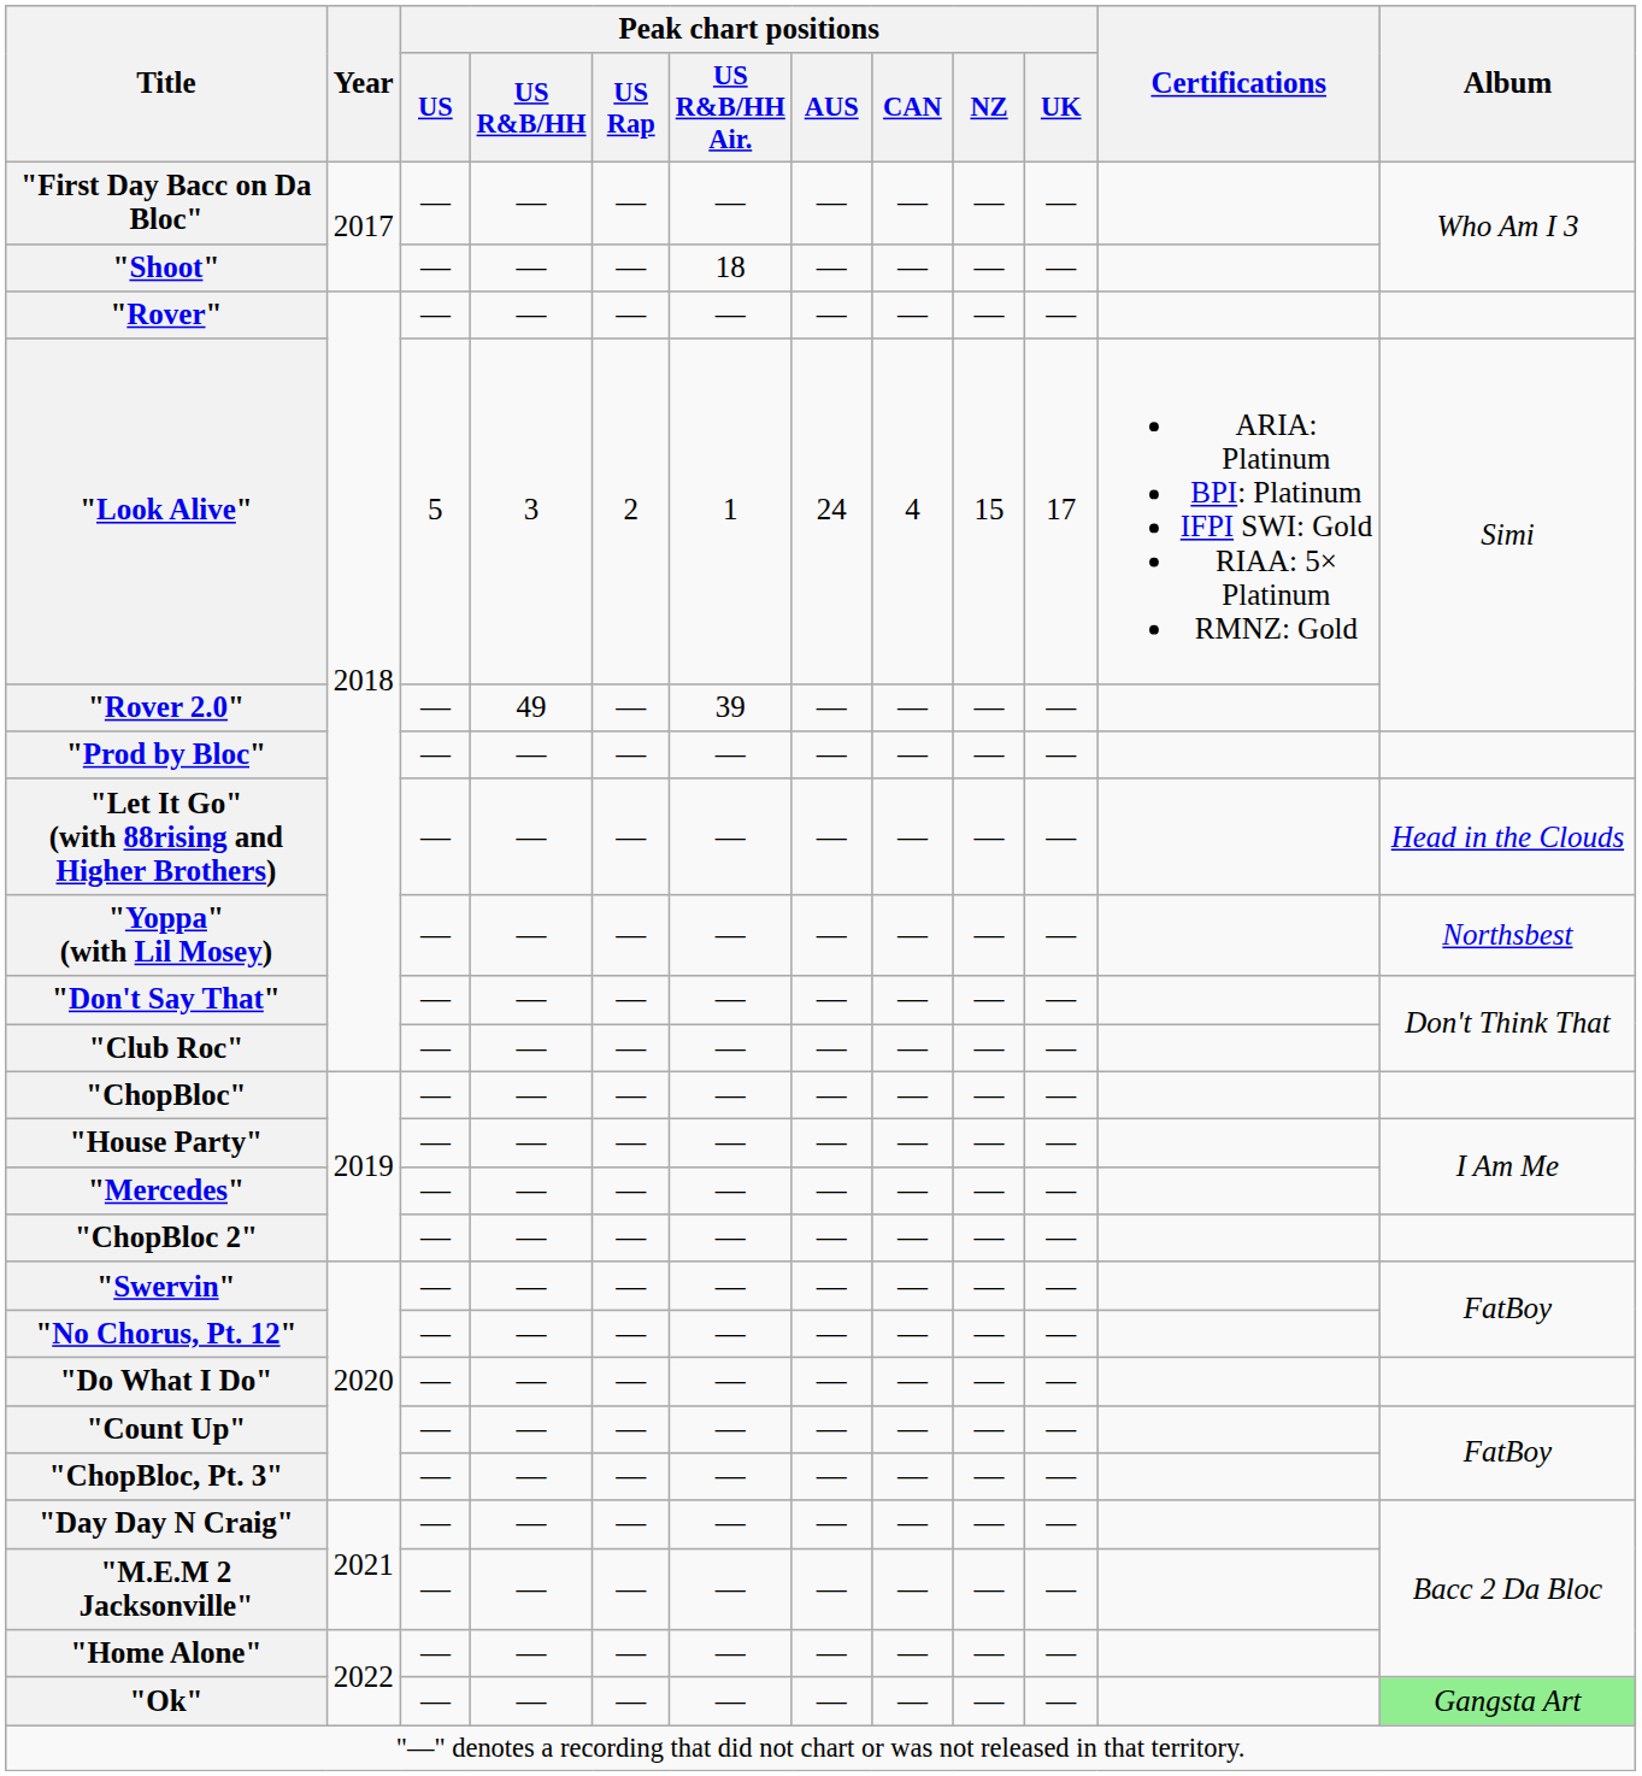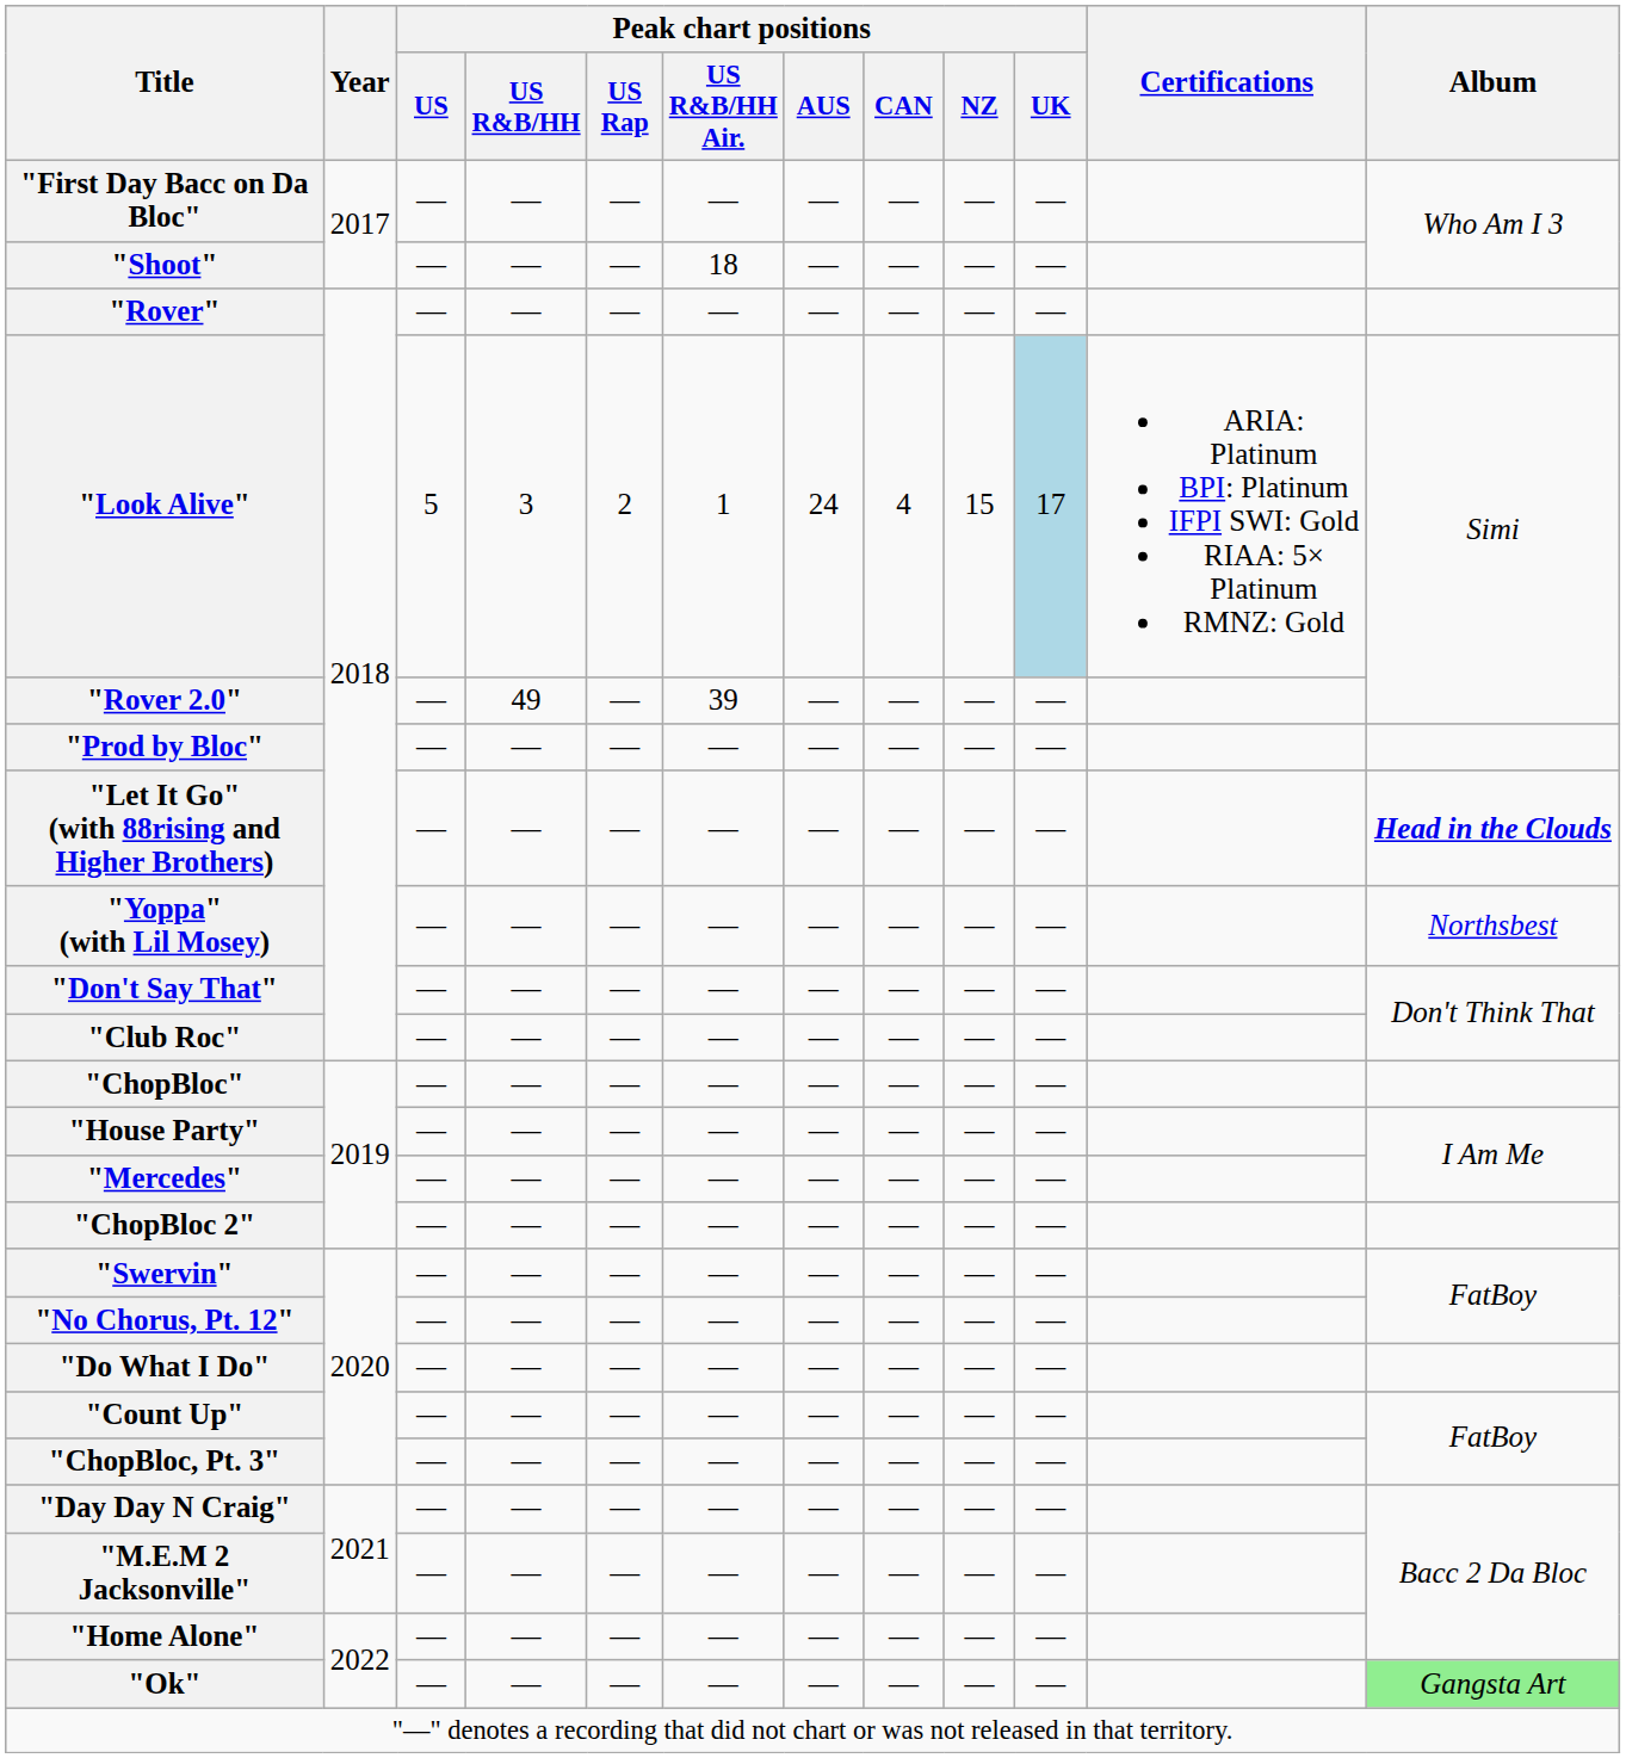 <table class="wikitable plainrowheaders" style="text-align:center;" border="1">
 <tr>
 <th scope="col" rowspan="2" style="width:15em;">Title</th>
 <th scope="col" rowspan="2" style="width:1em;">Year</th>
 <th colspan="8" scope="col">Peak chart positions</th>
 <th scope="col" rowspan="2" style="width:12em;"><a href='#'>Certifications</a></th>
 <th scope="col" rowspan="2" style="width:12em;">Album</th>
 </tr>
 <tr>
 <th scope="col" style="width:3em;font-size:90%;"><a href='#'>US</a><br></th>
 <th scope="col" style="width:3em;font-size:90%;"><a href='#'>US<br>R&B/HH</a><br></th>
 <th scope="col" style="width:3em;font-size:90%;"><a href='#'>US</a><br><a href='#'>Rap</a><br></th>
 <th scope="col" style="width:3em;font-size:90%;"><a href='#'>US</a><br><a href='#'>R&B/HH</a><br><a href='#'>Air.</a><br></th>
 <th scope="col" style="width:3em;font-size:90%;"><a href='#'>AUS</a><br></th>
 <th scope="col" style="width:3em;font-size:90%;"><a href='#'>CAN</a><br></th>
 <th scope="col" style="width:3em;font-size:90%;"><a href='#'>NZ</a><br></th>
 <th scope="col" style="width:3em;font-size:90%;"><a href='#'>UK</a><br></th>
 </tr>
 <tr>
 <th scope="row">"First Day Bacc on Da Bloc"</th>
 <td rowspan="2">2017</td>
 <td>—</td>
 <td>—</td>
 <td>—</td>
 <td>—</td>
 <td>—</td>
 <td>—</td>
 <td>—</td>
 <td>—</td>
 <td></td>
 <td rowspan="2"><em>Who Am I 3</em></td>
 </tr>
 <tr>
 <th scope="row">"<a href='#'>Shoot</a>"</th>
 <td>—</td>
 <td>—</td>
 <td>—</td>
 <td>18</td>
 <td>—</td>
 <td>—</td>
 <td>—</td>
 <td>—</td>
 <td></td>
 </tr>
 <tr>
 <th scope="row">"<a href='#'>Rover</a>"</th>
 <td rowspan="8">2018</td>
 <td>—</td>
 <td>—</td>
 <td>—</td>
 <td>—</td>
 <td>—</td>
 <td>—</td>
 <td>—</td>
 <td>—</td>
 <td></td>
 <td></td>
 </tr>
 <tr>
 <th scope="row">"<a href='#'>Look Alive</a>"<br></th>
 <td>5</td>
 <td>3</td>
 <td>2</td>
 <td>1</td>
 <td>24</td>
 <td>4</td>
 <td>15</td>
-<td>17</td>
+<td style="background: lightblue;">17</td>
 <td><br><ul><li>ARIA: Platinum</li><li><a href='#'>BPI</a>: Platinum</li><li><a href='#'>IFPI</a> SWI: Gold</li><li>RIAA: 5× Platinum</li><li>RMNZ: Gold</li></ul></td>
 <td rowspan="2"><em>Simi</em></td>
 </tr>
 <tr>
 <th scope="row">"<a href='#'>Rover 2.0</a>"<br></th>
 <td>—</td>
 <td>49</td>
 <td>—</td>
 <td>39</td>
 <td>—</td>
 <td>—</td>
 <td>—</td>
 <td>—</td>
 <td></td>
 </tr>
 <tr>
 <th scope="row">"<a href='#'>Prod by Bloc</a>"</th>
 <td>—</td>
 <td>—</td>
 <td>—</td>
 <td>—</td>
 <td>—</td>
 <td>—</td>
 <td>—</td>
 <td>—</td>
 <td></td>
 <td></td>
 </tr>
 <tr>
 <th scope="row">"Let It Go"<br><span>(with <a href='#'>88rising</a> and <a href='#'>Higher Brothers</a>)</span></th>
 <td>—</td>
 <td>—</td>
 <td>—</td>
 <td>—</td>
 <td>—</td>
 <td>—</td>
 <td>—</td>
 <td>—</td>
 <td></td>
-<td><em><a href='#'>Head in the Clouds</a></em></td>
+<td><strong><em><a href='#'>Head in the Clouds</a></em></strong></td>
 </tr>
 <tr>
 <th scope="row">"<a href='#'>Yoppa</a>"<br><span>(with <a href='#'>Lil Mosey</a>)</span></th>
 <td>—</td>
 <td>—</td>
 <td>—</td>
 <td>—</td>
 <td>—</td>
 <td>—</td>
 <td>—</td>
 <td>—</td>
 <td></td>
 <td><em><a href='#'>Northsbest</a></em></td>
 </tr>
 <tr>
 <th scope="row">"<a href='#'>Don't Say That</a>"<br></th>
 <td>—</td>
 <td>—</td>
 <td>—</td>
 <td>—</td>
 <td>—</td>
 <td>—</td>
 <td>—</td>
 <td>—</td>
 <td></td>
 <td rowspan="2"><em>Don't Think That</em></td>
 </tr>
 <tr>
 <th scope="row">"Club Roc"</th>
 <td>—</td>
 <td>—</td>
 <td>—</td>
 <td>—</td>
 <td>—</td>
 <td>—</td>
 <td>—</td>
 <td>—</td>
 <td></td>
 </tr>
 <tr>
 <th scope="row">"ChopBloc"<br></th>
 <td rowspan="4">2019</td>
 <td>—</td>
 <td>—</td>
 <td>—</td>
 <td>—</td>
 <td>—</td>
 <td>—</td>
 <td>—</td>
 <td>—</td>
 <td></td>
 <td></td>
 </tr>
 <tr>
 <th scope="row">"House Party"</th>
 <td>—</td>
 <td>—</td>
 <td>—</td>
 <td>—</td>
 <td>—</td>
 <td>—</td>
 <td>—</td>
 <td>—</td>
 <td></td>
 <td rowspan="2"><em>I Am Me</em></td>
 </tr>
 <tr>
 <th scope="row">"<a href='#'>Mercedes</a>"</th>
 <td>—</td>
 <td>—</td>
 <td>—</td>
 <td>—</td>
 <td>—</td>
 <td>—</td>
 <td>—</td>
 <td>—</td>
 <td></td>
 </tr>
 <tr>
 <th scope="row">"ChopBloc 2"<br></th>
 <td>—</td>
 <td>—</td>
 <td>—</td>
 <td>—</td>
 <td>—</td>
 <td>—</td>
 <td>—</td>
 <td>—</td>
 <td></td>
 <td></td>
 </tr>
 <tr>
 <th scope="row">"<a href='#'>Swervin</a>"</th>
 <td rowspan="5">2020</td>
 <td>—</td>
 <td>—</td>
 <td>—</td>
 <td>—</td>
 <td>—</td>
 <td>—</td>
 <td>—</td>
 <td>—</td>
 <td></td>
 <td rowspan="2"><em>FatBoy</em></td>
 </tr>
 <tr>
 <th scope="row">"<a href='#'>No Chorus, Pt. 12</a>"<br></th>
 <td>—</td>
 <td>—</td>
 <td>—</td>
 <td>—</td>
 <td>—</td>
 <td>—</td>
 <td>—</td>
 <td>—</td>
 <td></td>
 </tr>
 <tr>
 <th scope="row">"Do What I Do"</th>
 <td>—</td>
 <td>—</td>
 <td>—</td>
 <td>—</td>
 <td>—</td>
 <td>—</td>
 <td>—</td>
 <td>—</td>
 <td></td>
 <td></td>
 </tr>
 <tr>
 <th scope="row">"Count Up"</th>
 <td>—</td>
 <td>—</td>
 <td>—</td>
 <td>—</td>
 <td>—</td>
 <td>—</td>
 <td>—</td>
 <td>—</td>
 <td></td>
 <td rowspan="2"><em>FatBoy</em></td>
 </tr>
 <tr>
 <th scope="row">"ChopBloc, Pt. 3"<br></th>
 <td>—</td>
 <td>—</td>
 <td>—</td>
 <td>—</td>
 <td>—</td>
 <td>—</td>
 <td>—</td>
 <td>—</td>
 <td></td>
 </tr>
 <tr>
 <th scope="row">"Day Day N Craig"<br></th>
 <td rowspan="2">2021</td>
 <td>—</td>
 <td>—</td>
 <td>—</td>
 <td>—</td>
 <td>—</td>
 <td>—</td>
 <td>—</td>
 <td>—</td>
 <td></td>
 <td rowspan="3"><em>Bacc 2 Da Bloc</em></td>
 </tr>
 <tr>
 <th scope="row">"M.E.M 2 Jacksonville"<br></th>
 <td>—</td>
 <td>—</td>
 <td>—</td>
 <td>—</td>
 <td>—</td>
 <td>—</td>
 <td>—</td>
 <td>—</td>
 <td></td>
 </tr>
 <tr>
 <th scope="row">"Home Alone"</th>
 <td rowspan="2">2022</td>
 <td>—</td>
 <td>—</td>
 <td>—</td>
 <td>—</td>
 <td>—</td>
 <td>—</td>
 <td>—</td>
 <td>—</td>
 <td></td>
 </tr>
 <tr>
 <th scope="row">"Ok"<br></th>
 <td>—</td>
 <td>—</td>
 <td>—</td>
 <td>—</td>
 <td>—</td>
 <td>—</td>
 <td>—</td>
 <td>—</td>
 <td></td>
 <td style="background: lightgreen;"><em>Gangsta Art</em></td>
 </tr>
 <tr>
 <td colspan="17" style="font-size:90%">"—" denotes a recording that did not chart or was not released in that territory.</td>
 </tr>
 </table>
